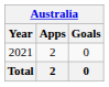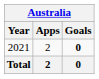 <table class="wikitable" style="text-align:center">
 <tr>
 <th colspan="3"><a href='#'>Australia</a></th>
 </tr>
 <tr>
 <th>Year</th>
 <th>Apps</th>
 <th>Goals</th>
 </tr>
 <tr>
 <td>2021</td>
 <td>2</td>
-<td>0</td>
+<td><strong>0</strong></td>
 </tr>
 <tr>
 <th>Total</th>
 <th>2</th>
 <th>0</th>
 </tr>
 </table>
